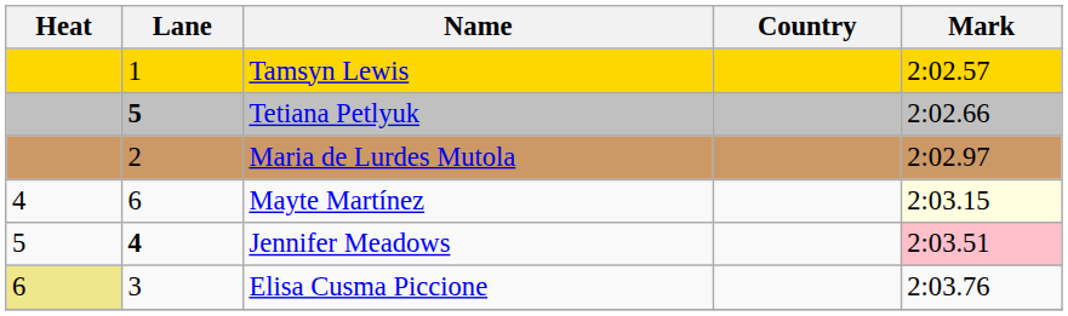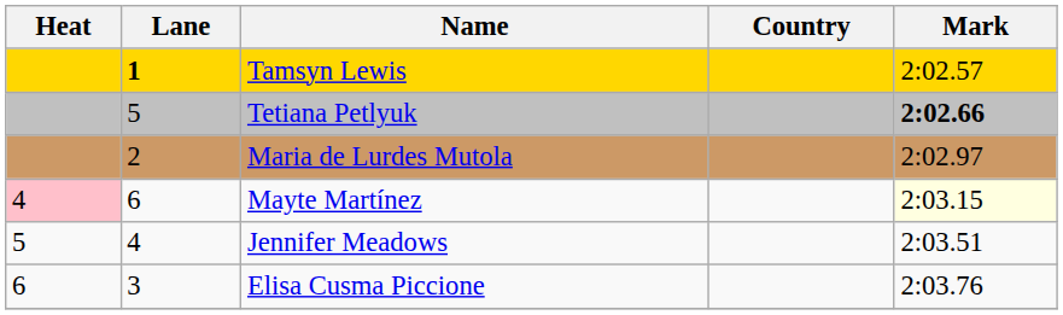 <table class="wikitable" width=70%>
 <tr>
 <th>Heat</th>
 <th>Lane</th>
 <th>Name</th>
 <th>Country</th>
 <th>Mark</th>
 </tr>
 <tr bgcolor=gold>
 <td></td>
-<td>1</td>
+<td><strong>1</strong></td>
 <td><a href='#'>Tamsyn Lewis</a></td>
 <td></td>
 <td>2:02.57</td>
 </tr>
 <tr bgcolor=silver>
 <td></td>
-<td><strong>5</strong></td>
+<td>5</td>
 <td><a href='#'>Tetiana Petlyuk</a></td>
 <td></td>
-<td>2:02.66</td>
+<td><strong>2:02.66</strong></td>
 </tr>
 <tr bgcolor=cc9966>
 <td></td>
 <td>2</td>
 <td><a href='#'>Maria de Lurdes Mutola</a></td>
 <td></td>
 <td>2:02.97</td>
 </tr>
 <tr>
-<td>4</td>
+<td style="background: pink;">4</td>
 <td>6</td>
 <td><a href='#'>Mayte Martínez</a></td>
 <td></td>
 <td style="background: lightyellow;">2:03.15</td>
 </tr>
 <tr>
 <td>5</td>
-<td><strong>4</strong></td>
+<td>4</td>
 <td><a href='#'>Jennifer Meadows</a></td>
 <td></td>
-<td style="background: pink;">2:03.51</td>
+<td>2:03.51</td>
 </tr>
 <tr>
-<td style="background: khaki;">6</td>
+<td>6</td>
 <td>3</td>
 <td><a href='#'>Elisa Cusma Piccione</a></td>
 <td></td>
 <td>2:03.76</td>
 </tr>
 <tr>
 </tr>
 </table>
